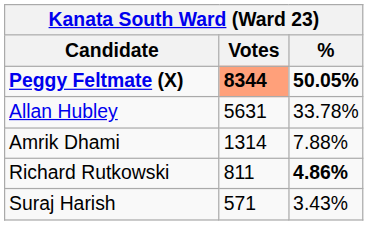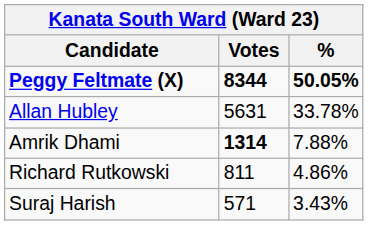 <table class="wikitable">
 <tr>
 <th colspan="3"><a href='#'>Kanata South Ward</a> (Ward 23)</th>
 </tr>
 <tr>
 <th style="width: 170px">Candidate</th>
 <th style="width: 50px">Votes</th>
 <th style="width: 40px">%</th>
 </tr>
 <tr>
 <td><strong><a href='#'>Peggy Feltmate</a> (X)</strong></td>
-<td style="background: lightsalmon;"><strong>8344</strong></td>
+<td><strong>8344</strong></td>
 <td><strong>50.05%</strong></td>
 </tr>
 <tr>
 <td><a href='#'>Allan Hubley</a></td>
 <td>5631</td>
 <td>33.78%</td>
 </tr>
 <tr>
 <td>Amrik Dhami</td>
-<td>1314</td>
+<td><strong>1314</strong></td>
 <td>7.88%</td>
 </tr>
 <tr>
 <td>Richard Rutkowski</td>
 <td>811</td>
-<td><strong>4.86%</strong></td>
+<td>4.86%</td>
 </tr>
 <tr>
 <td>Suraj Harish</td>
 <td>571</td>
 <td>3.43%</td>
 </tr>
 </table>
